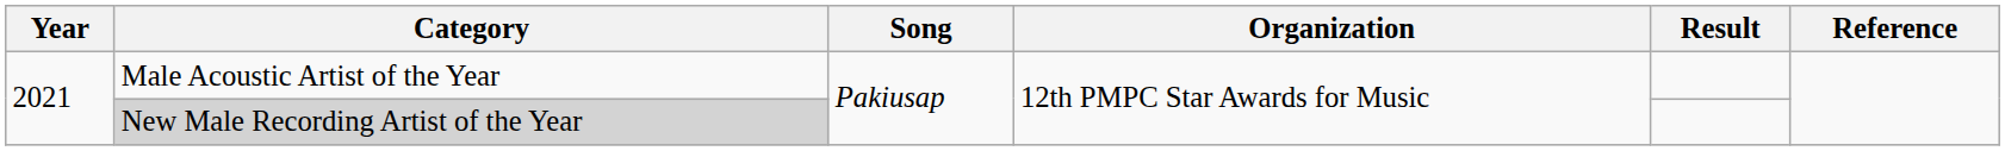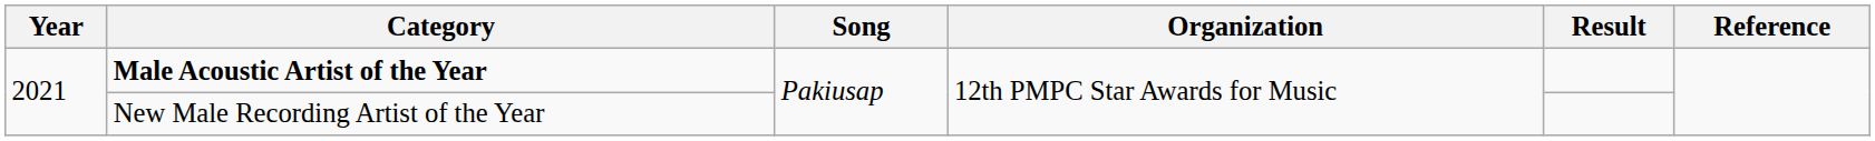 <table class="wikitable" style="width:86%;">
 <tr>
 <th>Year</th>
 <th>Category</th>
 <th>Song</th>
 <th>Organization</th>
 <th>Result</th>
 <th>Reference</th>
 </tr>
 <tr>
 <td rowspan="2">2021</td>
-<td>Male Acoustic Artist of the Year</td>
+<td><strong>Male Acoustic Artist of the Year</strong></td>
 <td rowspan="2"><em>Pakiusap</em></td>
 <td rowspan="2">12th PMPC Star Awards for Music</td>
 <td></td>
 <td rowspan="2"></td>
 </tr>
 <tr>
-<td style="background: lightgrey;">New Male Recording Artist of the Year</td>
+<td>New Male Recording Artist of the Year</td>
 <td></td>
 </tr>
 </table>
